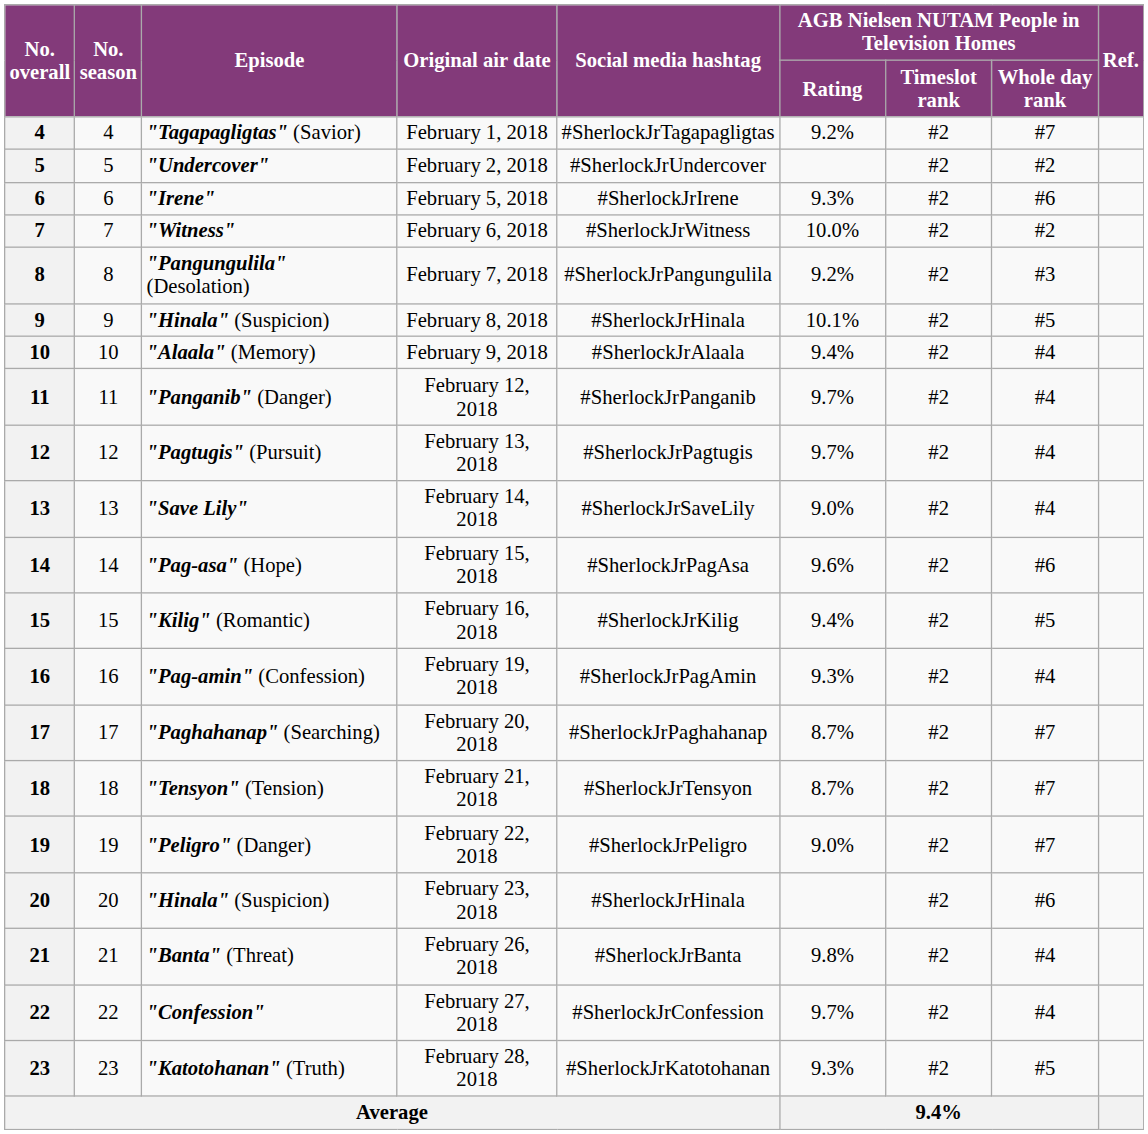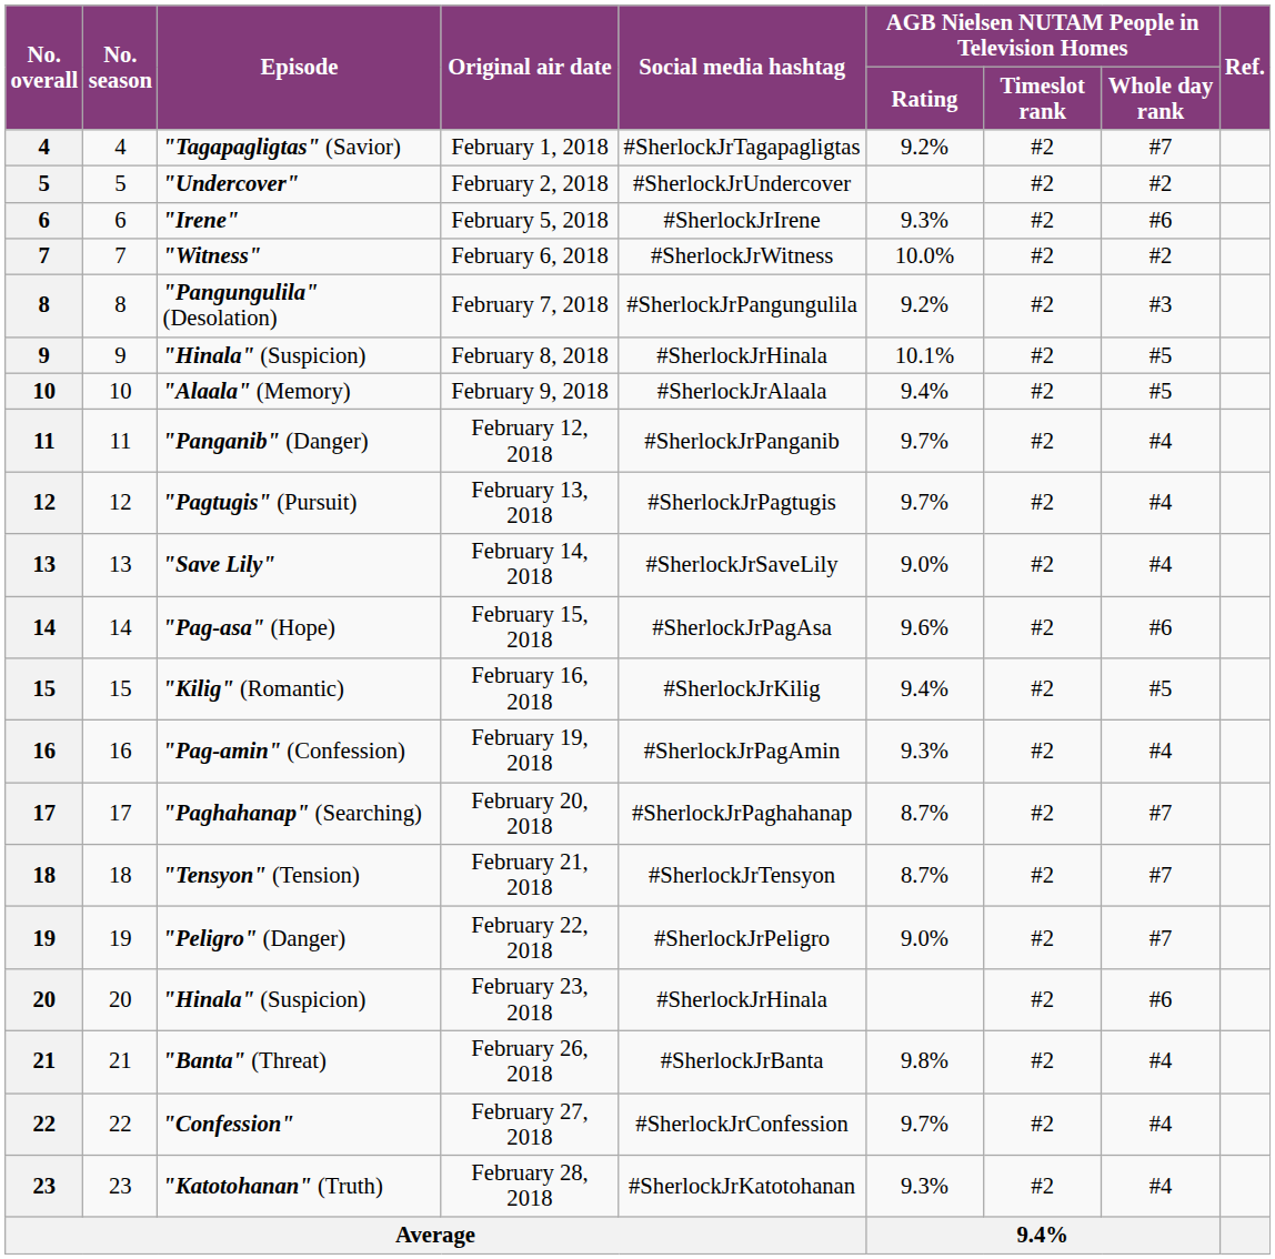 <table class="wikitable" style="text-align:center; font-size:100%; line-height:18px;" width="100%">
 <tr>
 <th style="background-color:#833A7A; color:#ffffff;" rowspan="2">No.<br>overall</th>
 <th style="background-color:#833A7A; color:#ffffff;" rowspan="2">No.<br>season</th>
 <th style="background-color:#833A7A; color:#ffffff;" rowspan="2">Episode</th>
 <th style="background-color:#833A7A; color:white" rowspan="2">Original air date</th>
 <th style="background-color:#833A7A; color:white" rowspan="2">Social media hashtag</th>
 <th style="background-color:#833A7A; color:#ffffff;" colspan="3">AGB Nielsen NUTAM People in Television Homes</th>
 <th style="background-color:#833A7A; color:#ffffff;" rowspan="2">Ref.</th>
 </tr>
 <tr>
 <th style="background-color:#833A7A; width:75px; color:#ffffff;">Rating</th>
 <th style="background-color:#833A7A; width:75px; color:#ffffff;">Timeslot<br>rank</th>
 <th style="background-color:#833A7A; width:75px; color:#ffffff;">Whole day<br>rank</th>
 </tr>
 <tr>
 <th>4</th>
 <td>4</td>
 <td style="text-align: left;"><strong><em>"Tagapagligtas"</em></strong> (Savior)</td>
 <td>February 1, 2018</td>
 <td>#SherlockJrTagapagligtas</td>
 <td>9.2%</td>
 <td>#2</td>
 <td>#7</td>
 <td></td>
 </tr>
 <tr>
 <th>5</th>
 <td>5</td>
 <td style="text-align: left;"><strong><em>"Undercover"</em></strong></td>
 <td>February 2, 2018</td>
 <td>#SherlockJrUndercover</td>
 <td></td>
 <td>#2</td>
 <td>#2</td>
 <td></td>
 </tr>
 <tr>
 <th>6</th>
 <td>6</td>
 <td style="text-align: left;"><strong><em>"Irene"</em></strong></td>
 <td>February 5, 2018</td>
 <td>#SherlockJrIrene</td>
 <td>9.3%</td>
 <td>#2</td>
 <td>#6</td>
 <td></td>
 </tr>
 <tr>
 <th>7</th>
 <td>7</td>
 <td style="text-align: left;"><strong><em>"Witness"</em></strong></td>
 <td>February 6, 2018</td>
 <td>#SherlockJrWitness</td>
 <td>10.0%</td>
 <td>#2</td>
 <td>#2</td>
 <td></td>
 </tr>
 <tr>
 <th>8</th>
 <td>8</td>
 <td style="text-align: left;"><strong><em>"Pangungulila"</em></strong> (Desolation)</td>
 <td>February 7, 2018</td>
 <td>#SherlockJrPangungulila</td>
 <td>9.2%</td>
 <td>#2</td>
 <td>#3</td>
 <td></td>
 </tr>
 <tr>
 <th>9</th>
 <td>9</td>
 <td style="text-align: left;"><strong><em>"Hinala"</em></strong> (Suspicion)</td>
 <td>February 8, 2018</td>
 <td>#SherlockJrHinala</td>
 <td>10.1%</td>
 <td>#2</td>
 <td>#5</td>
 <td></td>
 </tr>
 <tr>
 <th>10</th>
 <td>10</td>
 <td style="text-align: left;"><strong><em>"Alaala"</em></strong> (Memory)</td>
 <td>February 9, 2018</td>
 <td>#SherlockJrAlaala</td>
 <td>9.4%</td>
 <td>#2</td>
-<td>#4</td>
+<td>#5</td>
 <td></td>
 </tr>
 <tr>
 <th>11</th>
 <td>11</td>
 <td style="text-align: left;"><strong><em>"Panganib"</em></strong> (Danger)</td>
 <td>February 12, 2018</td>
 <td>#SherlockJrPanganib</td>
 <td>9.7%</td>
 <td>#2</td>
 <td>#4</td>
 <td></td>
 </tr>
 <tr>
 <th>12</th>
 <td>12</td>
 <td style="text-align: left;"><strong><em>"Pagtugis"</em></strong> (Pursuit)</td>
 <td>February 13, 2018</td>
 <td>#SherlockJrPagtugis</td>
 <td>9.7%</td>
 <td>#2</td>
 <td>#4</td>
 <td></td>
 </tr>
 <tr>
 <th>13</th>
 <td>13</td>
 <td style="text-align: left;"><strong><em>"Save Lily"</em></strong></td>
 <td>February 14, 2018</td>
 <td>#SherlockJrSaveLily</td>
 <td>9.0%</td>
 <td>#2</td>
 <td>#4</td>
 <td></td>
 </tr>
 <tr>
 <th>14</th>
 <td>14</td>
 <td style="text-align: left;"><strong><em>"Pag-asa"</em></strong> (Hope)</td>
 <td>February 15, 2018</td>
 <td>#SherlockJrPagAsa</td>
 <td>9.6%</td>
 <td>#2</td>
 <td>#6</td>
 <td></td>
 </tr>
 <tr>
 <th>15</th>
 <td>15</td>
 <td style="text-align: left;"><strong><em>"Kilig"</em></strong> (Romantic)</td>
 <td>February 16, 2018</td>
 <td>#SherlockJrKilig</td>
 <td>9.4%</td>
 <td>#2</td>
 <td>#5</td>
 <td></td>
 </tr>
 <tr>
 <th>16</th>
 <td>16</td>
 <td style="text-align: left;"><strong><em>"Pag-amin"</em></strong> (Confession)</td>
 <td>February 19, 2018</td>
 <td>#SherlockJrPagAmin</td>
 <td>9.3%</td>
 <td>#2</td>
 <td>#4</td>
 <td></td>
 </tr>
 <tr>
 <th>17</th>
 <td>17</td>
 <td style="text-align: left;"><strong><em>"Paghahanap"</em></strong> (Searching)</td>
 <td>February 20, 2018</td>
 <td>#SherlockJrPaghahanap</td>
 <td>8.7%</td>
 <td>#2</td>
 <td>#7</td>
 <td></td>
 </tr>
 <tr>
 <th>18</th>
 <td>18</td>
 <td style="text-align: left;"><strong><em>"Tensyon"</em></strong> (Tension)</td>
 <td>February 21, 2018</td>
 <td>#SherlockJrTensyon</td>
 <td>8.7%</td>
 <td>#2</td>
 <td>#7</td>
 <td></td>
 </tr>
 <tr>
 <th>19</th>
 <td>19</td>
 <td style="text-align: left;"><strong><em>"Peligro"</em></strong> (Danger)</td>
 <td>February 22, 2018</td>
 <td>#SherlockJrPeligro</td>
 <td>9.0%</td>
 <td>#2</td>
 <td>#7</td>
 <td></td>
 </tr>
 <tr>
 <th>20</th>
 <td>20</td>
 <td style="text-align: left;"><strong><em>"Hinala"</em></strong> (Suspicion)</td>
 <td>February 23, 2018</td>
 <td>#SherlockJrHinala</td>
 <td></td>
 <td>#2</td>
 <td>#6</td>
 <td></td>
 </tr>
 <tr>
 <th>21</th>
 <td>21</td>
 <td style="text-align: left;"><strong><em>"Banta"</em></strong> (Threat)</td>
 <td>February 26, 2018</td>
 <td>#SherlockJrBanta</td>
 <td>9.8%</td>
 <td>#2</td>
 <td>#4</td>
 <td></td>
 </tr>
 <tr>
 <th>22</th>
 <td>22</td>
 <td style="text-align: left;"><strong><em>"Confession"</em></strong></td>
 <td>February 27, 2018</td>
 <td>#SherlockJrConfession</td>
 <td>9.7%</td>
 <td>#2</td>
 <td>#4</td>
 <td></td>
 </tr>
 <tr>
 <th>23</th>
 <td>23</td>
 <td style="text-align: left;"><strong><em>"Katotohanan"</em></strong> (Truth)</td>
 <td>February 28, 2018</td>
 <td>#SherlockJrKatotohanan</td>
 <td>9.3%</td>
 <td>#2</td>
-<td>#5</td>
+<td>#4</td>
 <td></td>
 </tr>
 <tr>
 <th colspan="5">Average</th>
 <th colspan="3">9.4%</th>
 <th></th>
 </tr>
 </table>
